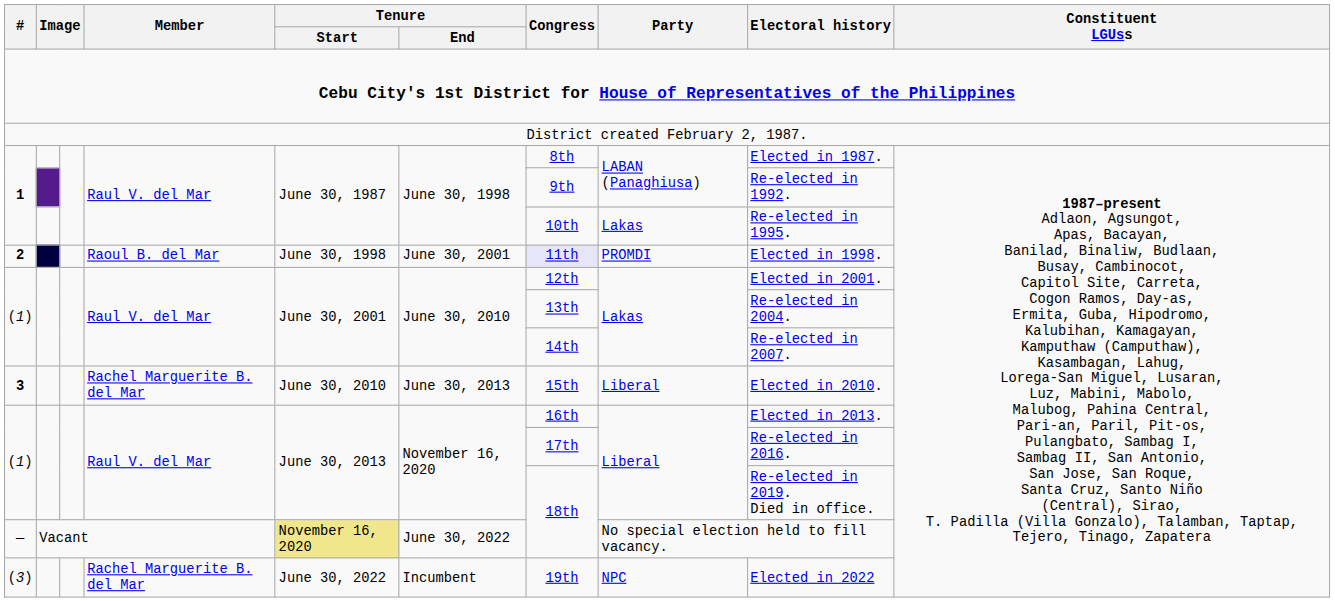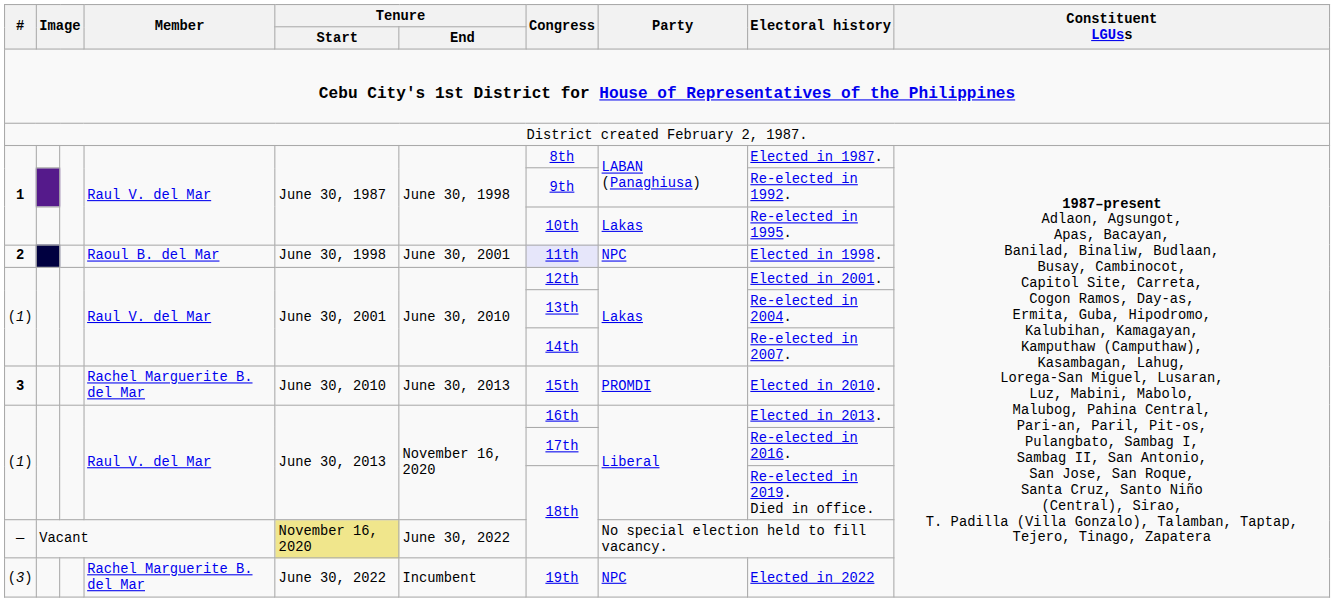 <table class=wikitable>
 <tr>
 <th rowspan="2">#</th>
 <th rowspan=2 colspan=2>Image</th>
 <th rowspan="2">Member</th>
 <th colspan=2>Tenure</th>
 <th rowspan="2">Congress</th>
 <th rowspan="2">Party</th>
 <th rowspan="2">Electoral history</th>
 <th rowspan="2">Constituent<br><a href='#'>LGUs</a>s</th>
 </tr>
 <tr>
 <th>Start</th>
 <th>End</th>
 </tr>
 <tr>
 <td colspan="10" style="text-align:center;"><br><h3>Cebu City's 1st District for <a href='#'>House of Representatives of the Philippines</a></h3></td>
 </tr>
 <tr>
 <td colspan="10" style="text-align:center;">District created February 2, 1987.</td>
 </tr>
 <tr>
 <td rowspan="3" style="text-align:center;"><strong>1</strong></td>
 <td style="background:"></td>
 <td rowspan="3"></td>
 <td rowspan="3"><a href='#'>Raul V. del Mar</a></td>
 <td rowspan="3">June 30, 1987</td>
 <td rowspan="3">June 30, 1998</td>
 <td style="text-align:center;"><a href='#'>8th</a></td>
 <td rowspan=2><a href='#'>LABAN</a> (<a href='#'>Panaghiusa</a>)</td>
 <td><a href='#'>Elected in 1987</a>.</td>
 <td rowspan="13" style="text-align:center;"><strong>1987–present</strong><br>Adlaon, Agsungot,<br>Apas, Bacayan,<br>Banilad, Binaliw, Budlaan,<br>Busay, Cambinocot,<br>Capitol Site, Carreta,<br>Cogon Ramos, Day‑as,<br>Ermita, Guba, Hipodromo,<br>Kalubihan, Kamagayan,<br>Kamputhaw (Camputhaw),<br>Kasambagan, Lahug,<br>Lorega‑San Miguel, Lusaran,<br>Luz, Mabini, Mabolo,<br>Malubog, Pahina Central,<br>Pari-an, Paril, Pit-os,<br>Pulangbato, Sambag I,<br>Sambag II, San Antonio,<br>San Jose, San Roque,<br>Santa Cruz, Santo Niño<br> (Central), Sirao,<br>T. Padilla (Villa Gonzalo), Talamban, Taptap, Tejero, Tinago, Zapatera</td>
 </tr>
 <tr>
 <td style="background:#551a8b;"></td>
 <td style="text-align:center;"><a href='#'>9th</a></td>
 <td><a href='#'>Re-elected in 1992</a>.</td>
 </tr>
 <tr>
 <td style="background:"></td>
 <td style="text-align:center;"><a href='#'>10th</a></td>
 <td><a href='#'>Lakas</a></td>
 <td><a href='#'>Re-elected in 1995</a>.</td>
 </tr>
 <tr>
 <td style="text-align:center;"><strong>2</strong></td>
 <td style="background:#000040;"></td>
 <td></td>
 <td><a href='#'>Raoul B. del Mar</a></td>
 <td>June 30, 1998</td>
 <td>June 30, 2001</td>
 <td style="background: lavender; text-align:center;"><a href='#'>11th</a></td>
-<td><a href='#'>PROMDI</a></td>
+<td><a href='#'>NPC</a></td>
 <td><a href='#'>Elected in 1998</a>.</td>
 </tr>
 <tr>
 <td rowspan="3" style="text-align:center;">(<em>1</em>)</td>
 <td rowspan="3" style="background:"></td>
 <td rowspan="3"></td>
 <td rowspan="3"><a href='#'>Raul V. del Mar</a></td>
 <td rowspan="3">June 30, 2001</td>
 <td rowspan="3">June 30, 2010</td>
 <td style="text-align:center;"><a href='#'>12th</a></td>
 <td rowspan="3"><a href='#'>Lakas</a></td>
 <td><a href='#'>Elected in 2001</a>.</td>
 </tr>
 <tr>
 <td style="text-align:center;"><a href='#'>13th</a></td>
 <td><a href='#'>Re-elected in 2004</a>.</td>
 </tr>
 <tr>
 <td style="text-align:center;"><a href='#'>14th</a></td>
 <td><a href='#'>Re-elected in 2007</a>.</td>
 </tr>
 <tr>
 <td style="text-align:center;"><strong>3</strong></td>
 <td style="background:"></td>
 <td></td>
 <td><a href='#'>Rachel Marguerite B. del Mar</a></td>
 <td>June 30, 2010</td>
 <td>June 30, 2013</td>
 <td style="text-align:center;"><a href='#'>15th</a></td>
-<td><a href='#'>Liberal</a></td>
+<td><a href='#'>PROMDI</a></td>
 <td><a href='#'>Elected in 2010</a>.</td>
 </tr>
 <tr>
 <td rowspan="3" style="text-align:center;">(<em>1</em>)</td>
 <td rowspan="3" style="background:"></td>
 <td rowspan="3"></td>
 <td rowspan="3"><a href='#'>Raul V. del Mar</a></td>
 <td rowspan="3">June 30, 2013</td>
 <td rowspan="3">November 16, 2020</td>
 <td style="text-align:center;"><a href='#'>16th</a></td>
 <td rowspan="3"><a href='#'>Liberal</a></td>
 <td><a href='#'>Elected in 2013</a>.</td>
 </tr>
 <tr>
 <td style="text-align:center;"><a href='#'>17th</a></td>
 <td><a href='#'>Re-elected in 2016</a>.</td>
 </tr>
 <tr>
 <td rowspan="2" style="text-align:center;"><a href='#'>18th</a></td>
 <td><a href='#'>Re-elected in 2019</a>.<br>Died in office.</td>
 </tr>
 <tr>
 <td style="text-align:center;">—</td>
 <td colspan="3">Vacant</td>
 <td style="background: khaki;">November 16, 2020</td>
 <td>June 30, 2022</td>
 <td colspan=2>No special election held to fill vacancy.</td>
 </tr>
 <tr>
 <td style="text-align:center;">(<em>3</em>)</td>
 <td style="background:"></td>
 <td></td>
 <td><a href='#'>Rachel Marguerite B. del Mar</a></td>
 <td>June 30, 2022</td>
 <td>Incumbent</td>
 <td style="text-align:center;"><a href='#'>19th</a></td>
 <td><a href='#'>NPC</a></td>
 <td><a href='#'>Elected in 2022</a></td>
 </tr>
 </table>
